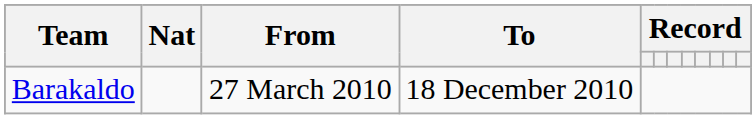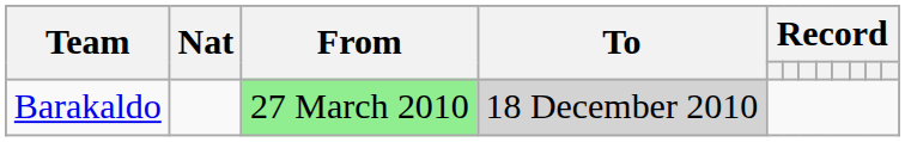 <table class="wikitable" style="text-align: center">
 <tr>
 <th rowspan="2">Team</th>
 <th rowspan="2">Nat</th>
 <th rowspan="2">From</th>
 <th rowspan="2">To</th>
 <th colspan="8">Record</th>
 </tr>
 <tr>
 <th></th>
 <th></th>
 <th></th>
 <th></th>
 <th></th>
 <th></th>
 <th></th>
 <th></th>
 </tr>
 <tr>
 <td align="left"><a href='#'>Barakaldo</a></td>
 <td></td>
-<td align=left>27 March 2010</td>
-<td align=left>18 December 2010<br></td>
+<td align=left style="background: lightgreen;">27 March 2010</td>
+<td align=left style="background: lightgrey;">18 December 2010<br></td>
 </tr>
 </table>
